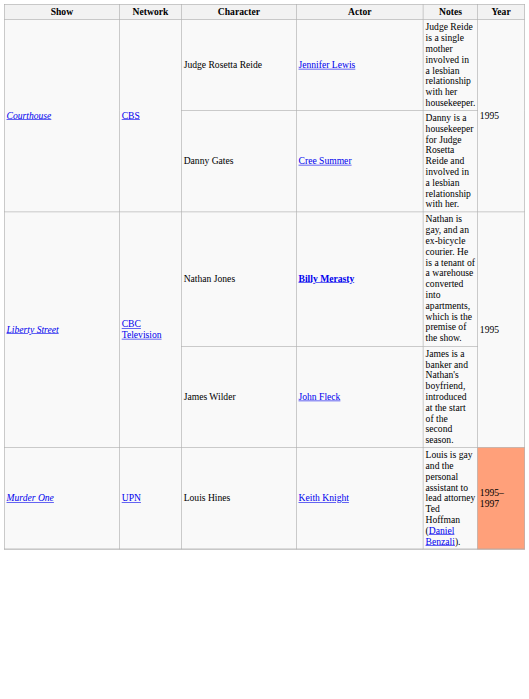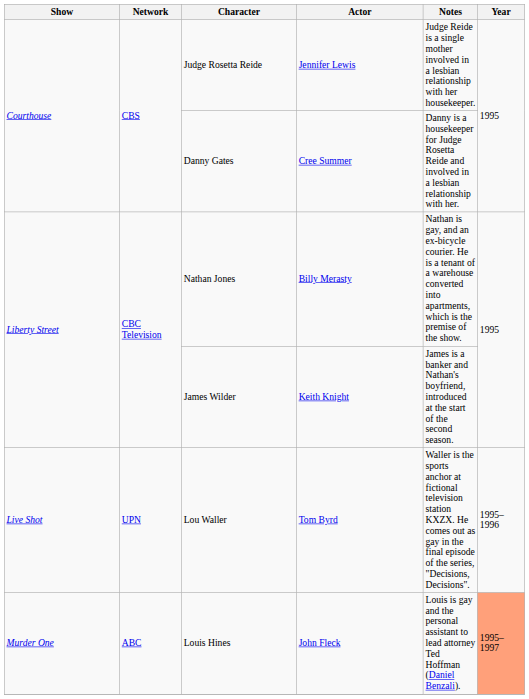 <table class="sortable wikitable" style="margins:auto; width=100%;">
 <tr>
 <th style="width:200px;">Show</th>
 <th style="width:100px;">Network</th>
 <th style="width:200px;">Character</th>
 <th style="width:225px;">Actor</th>
 <th>Notes</th>
 <th style="width:75px;">Year</th>
 </tr>
 <tr>
 <td rowspan="2"><em><a href='#'>Courthouse</a></em></td>
 <td rowspan="2"><a href='#'>CBS</a></td>
 <td>Judge Rosetta Reide</td>
 <td><a href='#'>Jennifer Lewis</a></td>
 <td>Judge Reide is a single mother involved in a lesbian relationship with her housekeeper.</td>
 <td rowspan="2">1995</td>
 </tr>
 <tr>
 <td>Danny Gates</td>
 <td><a href='#'>Cree Summer</a></td>
 <td>Danny is a housekeeper for Judge Rosetta Reide and involved in a lesbian relationship with her.</td>
 </tr>
 <tr>
 <td rowspan="2"><em><a href='#'>Liberty Street</a></em></td>
 <td rowspan="2"><a href='#'>CBC Television</a></td>
 <td>Nathan Jones</td>
-<td><strong><a href='#'>Billy Merasty</a></strong></td>
+<td><a href='#'>Billy Merasty</a></td>
 <td>Nathan is gay, and an ex-bicycle courier. He is a tenant of a warehouse converted into apartments, which is the premise of the show.</td>
 <td rowspan="2">1995</td>
 </tr>
 <tr>
 <td>James Wilder</td>
-<td><a href='#'>John Fleck</a></td>
+<td><a href='#'>Keith Knight</a></td>
 <td>James is a banker and Nathan's boyfriend, introduced at the start of the second season.</td>
 </tr>
 <tr>
+<td><em><a href='#'>Live Shot</a></em></td>
+<td><a href='#'>UPN</a></td>
+<td>Lou Waller</td>
+<td><a href='#'>Tom Byrd</a></td>
+<td>Waller is the sports anchor at fictional television station KXZX. He comes out as gay in the final episode of the series, "Decisions, Decisions".</td>
+<td>1995–1996</td>
+</tr>
+<tr>
 <td><em><a href='#'>Murder One</a></em></td>
-<td><a href='#'>UPN</a></td>
+<td><a href='#'>ABC</a></td>
 <td>Louis Hines</td>
-<td><a href='#'>Keith Knight</a></td>
+<td><a href='#'>John Fleck</a></td>
 <td>Louis is gay and the personal assistant to lead attorney Ted Hoffman (<a href='#'>Daniel Benzali</a>).</td>
 <td style="background: lightsalmon;">1995–1997</td>
 </tr>
 <tr>
 </tr>
 </table>
